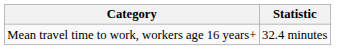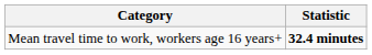 <table class="wikitable mw-collapsible">
 <tr>
 <th>Category</th>
 <th>Statistic</th>
 </tr>
 <tr>
 <td>Mean travel time to work, workers age 16 years+</td>
-<td>32.4 minutes</td>
+<td><strong>32.4 minutes</strong></td>
 </tr>
 </table>
